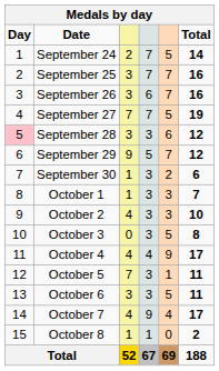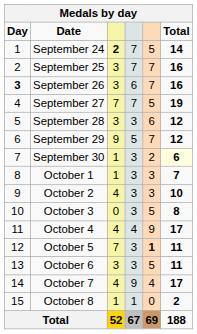 <table class=wikitable style="text-align:center">
 <tr>
 <th colspan=7>Medals by day</th>
 </tr>
 <tr>
 <td><strong>Day</strong></td>
 <td><strong>Date</strong></td>
 <td style="background:#F7F6A8"></td>
 <td style="background:#DCE5E5"></td>
 <td style="background:#FFDAB9"></td>
 <td><strong>Total</strong></td>
 </tr>
 <tr>
 <td>1</td>
 <td>September 24</td>
-<td style="background:#F7F6A8">2</td>
+<td style="background:#F7F6A8"><strong>2</strong></td>
 <td style="background:#DCE5E5">7</td>
 <td style="background:#FFDAB9">5</td>
 <td><strong>14</strong></td>
 </tr>
 <tr>
 <td>2</td>
 <td>September 25</td>
 <td style="background:#F7F6A8">3</td>
 <td style="background:#DCE5E5">7</td>
 <td style="background:#FFDAB9">7</td>
 <td><strong>16</strong></td>
 </tr>
 <tr>
-<td>3</td>
+<td><strong>3</strong></td>
 <td>September 26</td>
 <td style="background:#F7F6A8">3</td>
 <td style="background:#DCE5E5">6</td>
 <td style="background:#FFDAB9">7</td>
 <td><strong>16</strong></td>
 </tr>
 <tr>
 <td>4</td>
 <td>September 27</td>
 <td style="background:#F7F6A8">7</td>
 <td style="background:#DCE5E5">7</td>
 <td style="background:#FFDAB9">5</td>
 <td><strong>19</strong></td>
 </tr>
 <tr>
-<td style="background: pink;">5</td>
+<td>5</td>
 <td>September 28</td>
 <td style="background:#F7F6A8">3</td>
 <td style="background:#DCE5E5">3</td>
 <td style="background:#FFDAB9">6</td>
 <td><strong>12</strong></td>
 </tr>
 <tr>
 <td>6</td>
 <td>September 29</td>
 <td style="background:#F7F6A8">9</td>
 <td style="background:#DCE5E5">5</td>
 <td style="background:#FFDAB9">7</td>
 <td><strong>12</strong></td>
 </tr>
 <tr>
 <td>7</td>
 <td>September 30</td>
 <td style="background:#F7F6A8">1</td>
 <td style="background:#DCE5E5">3</td>
 <td style="background:#FFDAB9">2</td>
-<td><strong>6</strong></td>
+<td style="background: lightyellow;"><strong>6</strong></td>
 </tr>
 <tr>
 <td>8</td>
 <td>October 1</td>
 <td style="background:#F7F6A8">1</td>
 <td style="background:#DCE5E5">3</td>
 <td style="background:#FFDAB9">3</td>
 <td><strong>7</strong></td>
 </tr>
 <tr>
 <td>9</td>
 <td>October 2</td>
 <td style="background:#F7F6A8">4</td>
 <td style="background:#DCE5E5">3</td>
 <td style="background:#FFDAB9">3</td>
 <td><strong>10</strong></td>
 </tr>
 <tr>
 <td>10</td>
 <td>October 3</td>
 <td style="background:#F7F6A8">0</td>
 <td style="background:#DCE5E5">3</td>
 <td style="background:#FFDAB9">5</td>
 <td><strong>8</strong></td>
 </tr>
 <tr>
 <td>11</td>
 <td>October 4</td>
 <td style="background:#F7F6A8">4</td>
 <td style="background:#DCE5E5">4</td>
 <td style="background:#FFDAB9">9</td>
 <td><strong>17</strong></td>
 </tr>
 <tr>
 <td>12</td>
 <td>October 5</td>
 <td style="background:#F7F6A8">7</td>
 <td style="background:#DCE5E5">3</td>
-<td style="background:#FFDAB9">1</td>
+<td style="background:#FFDAB9"><strong>1</strong></td>
 <td><strong>11</strong></td>
 </tr>
 <tr>
 <td>13</td>
 <td>October 6</td>
 <td style="background:#F7F6A8">3</td>
 <td style="background:#DCE5E5">3</td>
 <td style="background:#FFDAB9">5</td>
 <td><strong>11</strong></td>
 </tr>
 <tr>
 <td>14</td>
 <td>October 7</td>
 <td style="background:#F7F6A8">4</td>
 <td style="background:#DCE5E5">9</td>
 <td style="background:#FFDAB9">4</td>
 <td><strong>17</strong></td>
 </tr>
 <tr>
 <td>15</td>
 <td>October 8</td>
 <td style="background:#F7F6A8">1</td>
 <td style="background:#DCE5E5">1</td>
 <td style="background:#FFDAB9">0</td>
 <td><strong>2</strong></td>
 </tr>
 <tr>
 <th colspan="2">Total</th>
 <td style="background:gold;"><strong>52</strong></td>
 <td style="background:silver;"><strong>67</strong></td>
 <td style="background:#c96;"><strong>69</strong></td>
 <td><strong>188</strong></td>
 </tr>
 </table>
